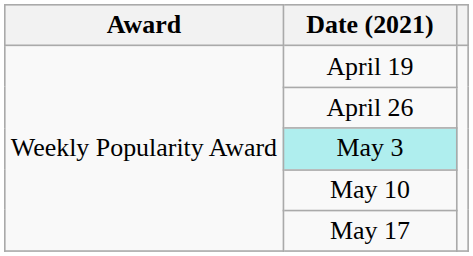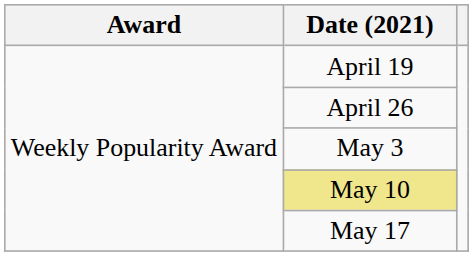 <table class="wikitable" style="table-layout: fixed; margin-right:0; text-align:center">
 <tr>
 <th>Award</th>
 <th style="width:100px;">Date (2021)</th>
 <th></th>
 </tr>
 <tr>
 <td rowspan="5" align="center">Weekly Popularity Award</td>
 <td>April 19</td>
 <td rowspan="5"></td>
 </tr>
 <tr>
 <td>April 26</td>
 </tr>
 <tr>
-<td style="background: paleturquoise;">May 3</td>
+<td>May 3</td>
 </tr>
 <tr>
-<td>May 10</td>
+<td style="background: khaki;">May 10</td>
 </tr>
 <tr>
 <td>May 17</td>
 </tr>
 </table>
